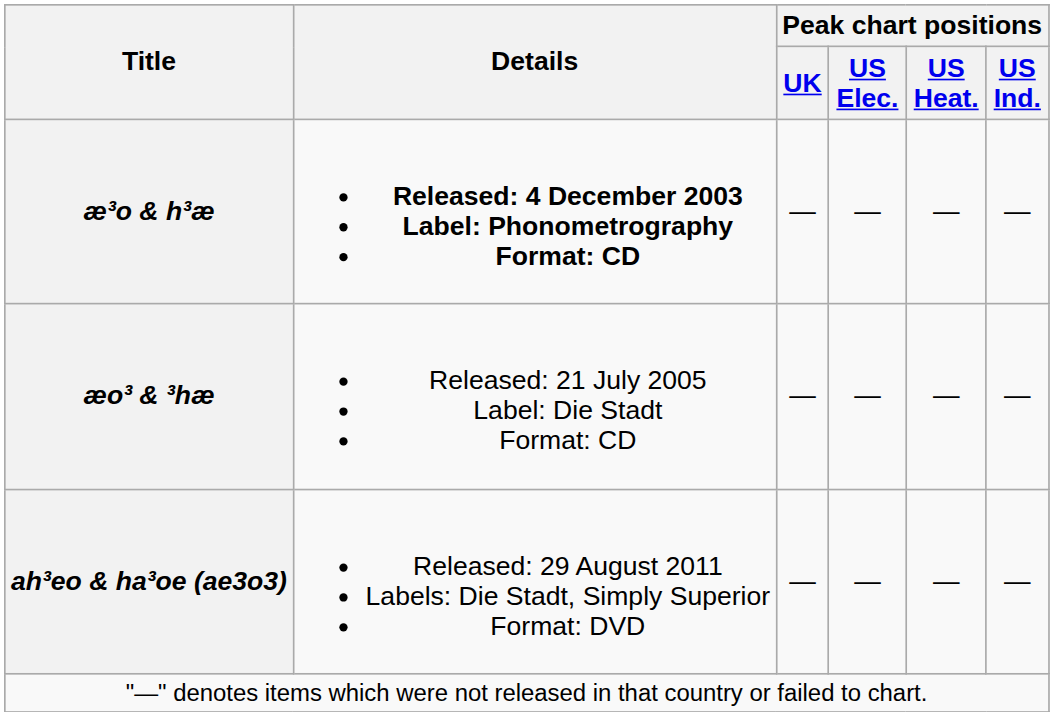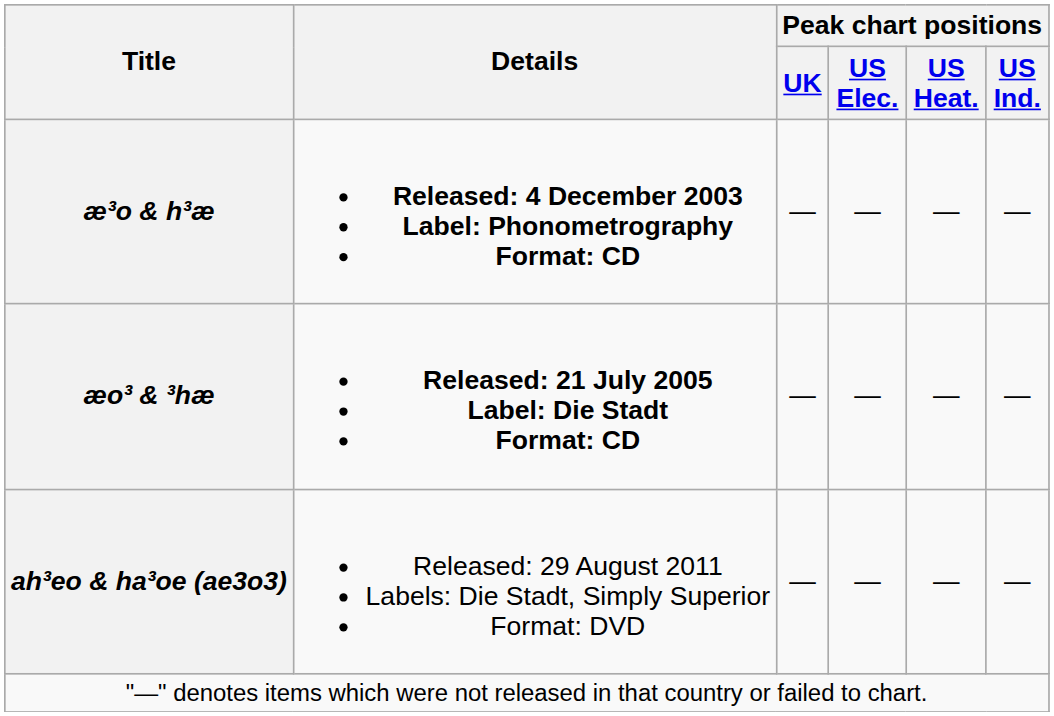 <table class="wikitable plainrowheaders" style="text-align:center;">
 <tr>
 <th rowspan="2">Title</th>
 <th rowspan="2">Details</th>
 <th colspan="4">Peak chart positions</th>
 </tr>
 <tr>
 <th><a href='#'>UK</a><br></th>
 <th><a href='#'>US<br> Elec.</a><br></th>
 <th><a href='#'>US<br> Heat.</a><br></th>
 <th><a href='#'>US<br> Ind.</a><br></th>
 </tr>
 <tr>
 <th scope="row"><em>æ³o & h³æ</em></th>
 <td><strong><br><ul><li>Released: 4 December 2003</li><li>Label: Phonometrography</li><li>Format: CD</li></ul></strong></td>
 <td align="center">—</td>
 <td align="center">—</td>
 <td align="center">—</td>
 <td align="center">—</td>
 </tr>
 <tr>
 <th scope="row"><em>æo³ & ³hæ</em></th>
-<td><br><ul><li>Released: 21 July 2005</li><li>Label: Die Stadt</li><li>Format: CD</li></ul></td>
+<td><strong><br><ul><li>Released: 21 July 2005</li><li>Label: Die Stadt</li><li>Format: CD</li></ul></strong></td>
 <td align="center">—</td>
 <td align="center">—</td>
 <td align="center">—</td>
 <td align="center">—</td>
 </tr>
 <tr>
 <th scope="row"><em>ah³eo & ha³oe (ae3o3)</em></th>
 <td><br><ul><li>Released: 29 August 2011</li><li>Labels: Die Stadt, Simply Superior</li><li>Format: DVD</li></ul></td>
 <td align="center">—</td>
 <td align="center">—</td>
 <td align="center">—</td>
 <td align="center">—</td>
 </tr>
 <tr>
 <td colspan="14" style="text-align:center; font-size:90%;">"—" denotes items which were not released in that country or failed to chart.</td>
 </tr>
 </table>
